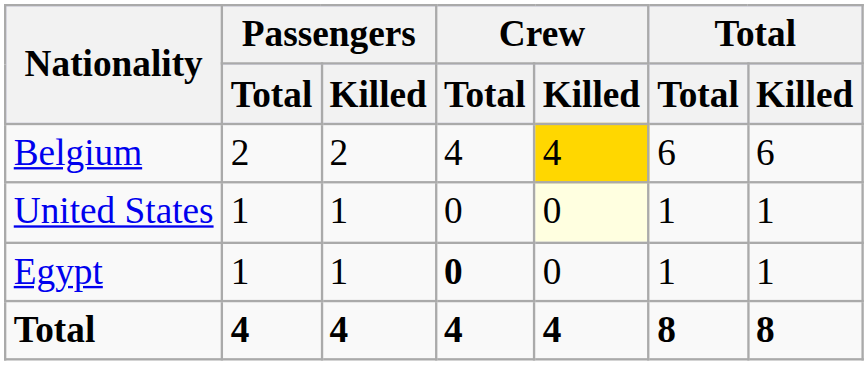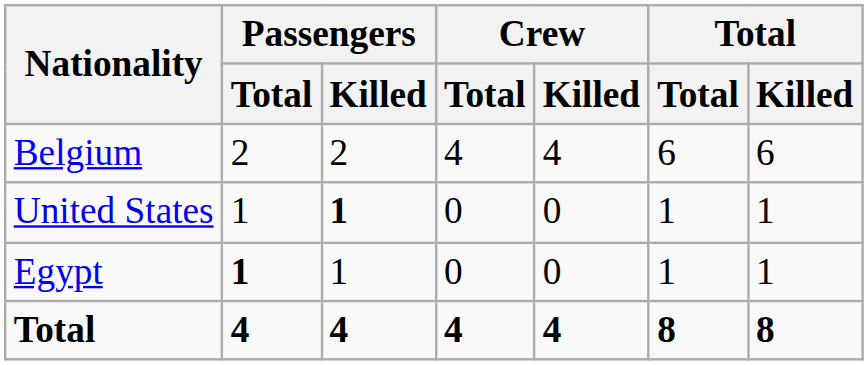 <table class="wikitable">
 <tr style="background:#ccccff;">
 <th rowspan=2>Nationality</th>
 <th colspan=2>Passengers</th>
 <th colspan=2>Crew</th>
 <th colspan=2>Total</th>
 </tr>
 <tr style="background:#ccccff;">
 <th>Total</th>
 <th>Killed</th>
 <th>Total</th>
 <th>Killed</th>
 <th>Total</th>
 <th>Killed</th>
 </tr>
 <tr valign=top>
 <td><a href='#'>Belgium</a></td>
 <td>2</td>
 <td>2</td>
 <td>4</td>
-<td style="background: gold;">4</td>
+<td>4</td>
 <td>6</td>
 <td>6</td>
 </tr>
 <tr valign=top>
 <td><a href='#'>United States</a></td>
 <td>1</td>
-<td>1</td>
+<td><strong>1</strong></td>
 <td>0</td>
-<td style="background: lightyellow;">0</td>
+<td>0</td>
 <td>1</td>
 <td>1</td>
 </tr>
 <tr valign=top>
 <td><a href='#'>Egypt</a></td>
+<td><strong>1</strong></td>
 <td>1</td>
-<td>1</td>
-<td><strong>0</strong></td>
+<td>0</td>
 <td>0</td>
 <td>1</td>
 <td>1</td>
 </tr>
 <tr valign=top>
 <td><strong>Total</strong></td>
 <td><strong>4</strong></td>
 <td><strong>4</strong></td>
 <td><strong>4</strong></td>
 <td><strong>4</strong></td>
 <td><strong>8</strong></td>
 <td><strong>8</strong></td>
 </tr>
 </table>
